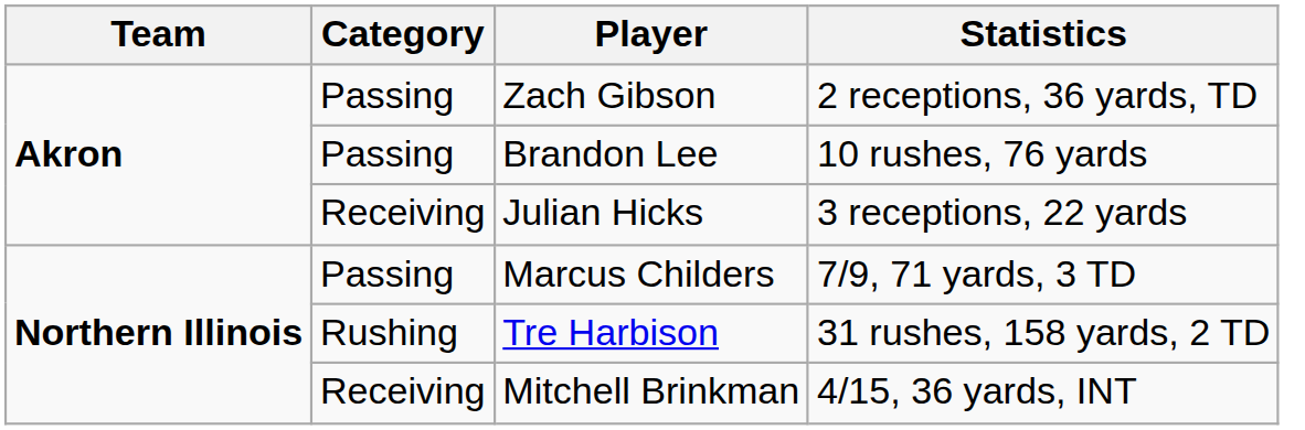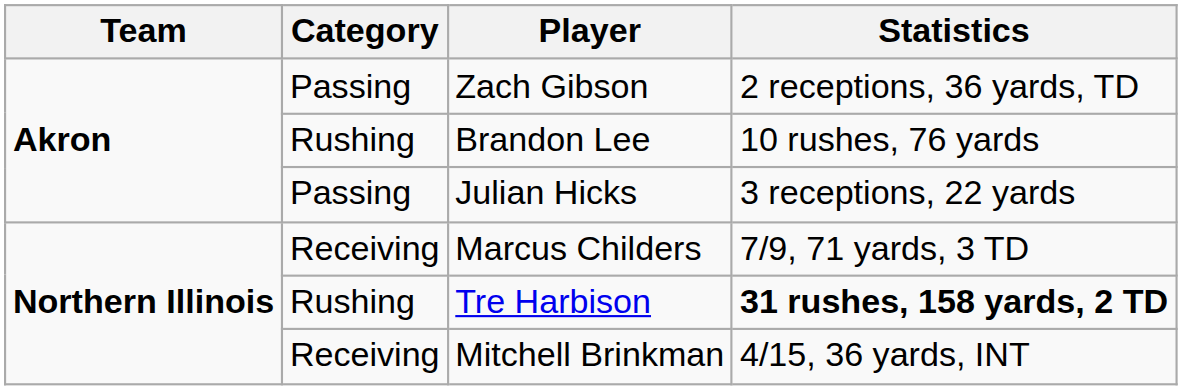 <table class="wikitable" style="float: left;">
 <tr>
 <th>Team</th>
 <th>Category</th>
 <th>Player</th>
 <th>Statistics</th>
 </tr>
 <tr>
 <td rowspan=3><strong>Akron</strong></td>
 <td>Passing</td>
 <td>Zach Gibson</td>
 <td>2 receptions, 36 yards, TD</td>
 </tr>
 <tr>
-<td>Passing</td>
+<td>Rushing</td>
 <td>Brandon Lee</td>
 <td>10 rushes, 76 yards</td>
 </tr>
 <tr>
-<td>Receiving</td>
+<td>Passing</td>
 <td>Julian Hicks</td>
 <td>3 receptions, 22 yards</td>
 </tr>
 <tr>
 <td rowspan=3><strong>Northern Illinois</strong></td>
-<td>Passing</td>
+<td>Receiving</td>
 <td>Marcus Childers</td>
 <td>7/9, 71 yards, 3 TD</td>
 </tr>
 <tr>
 <td>Rushing</td>
 <td><a href='#'>Tre Harbison</a></td>
-<td>31 rushes, 158 yards, 2 TD</td>
+<td><strong>31 rushes, 158 yards, 2 TD</strong></td>
 </tr>
 <tr>
 <td>Receiving</td>
 <td>Mitchell Brinkman</td>
 <td>4/15, 36 yards, INT</td>
 </tr>
 </table>
